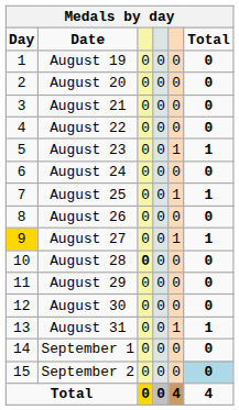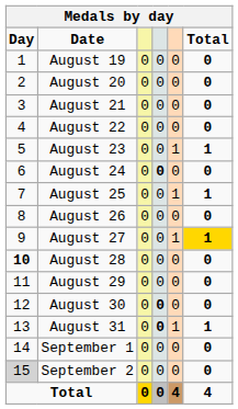 <table class=wikitable style="font-size:85%; float:right;text-align:center">
 <tr>
 <th colspan=7>Medals by day</th>
 </tr>
 <tr>
 <td><strong>Day</strong></td>
 <td><strong>Date</strong></td>
 <td bgcolor=F7F6A8></td>
 <td bgcolor=DCE5E5></td>
 <td bgcolor=FFDAB9></td>
 <td><strong>Total</strong></td>
 </tr>
 <tr>
 <td>1</td>
 <td>August 19</td>
 <td bgcolor=F7F6A8>0</td>
 <td bgcolor=DCE5E5>0</td>
 <td bgcolor=FFDAB9>0</td>
 <td><strong>0</strong></td>
 </tr>
 <tr>
 <td>2</td>
 <td>August 20</td>
 <td bgcolor=F7F6A8>0</td>
 <td bgcolor=DCE5E5>0</td>
 <td bgcolor=FFDAB9>0</td>
 <td><strong>0</strong></td>
 </tr>
 <tr>
 <td>3</td>
 <td>August 21</td>
 <td bgcolor=F7F6A8>0</td>
 <td bgcolor=DCE5E5>0</td>
 <td bgcolor=FFDAB9>0</td>
 <td><strong>0</strong></td>
 </tr>
 <tr>
 <td>4</td>
 <td>August 22</td>
 <td bgcolor=F7F6A8>0</td>
 <td bgcolor=DCE5E5>0</td>
 <td bgcolor=FFDAB9>0</td>
 <td><strong>0</strong></td>
 </tr>
 <tr>
 <td>5</td>
 <td>August 23</td>
 <td bgcolor=F7F6A8>0</td>
 <td bgcolor=DCE5E5>0</td>
 <td bgcolor=FFDAB9>1</td>
 <td><strong>1</strong></td>
 </tr>
 <tr>
 <td>6</td>
 <td>August 24</td>
 <td bgcolor=F7F6A8>0</td>
-<td bgcolor=DCE5E5>0</td>
+<td bgcolor=DCE5E5><strong>0</strong></td>
 <td bgcolor=FFDAB9>0</td>
 <td><strong>0</strong></td>
 </tr>
 <tr>
 <td>7</td>
 <td>August 25</td>
 <td bgcolor=F7F6A8>0</td>
 <td bgcolor=DCE5E5>0</td>
 <td bgcolor=FFDAB9>1</td>
 <td><strong>1</strong></td>
 </tr>
 <tr>
 <td>8</td>
 <td>August 26</td>
 <td bgcolor=F7F6A8>0</td>
 <td bgcolor=DCE5E5>0</td>
 <td bgcolor=FFDAB9>0</td>
 <td><strong>0</strong></td>
 </tr>
 <tr>
-<td style="background: gold;">9</td>
+<td>9</td>
 <td>August 27</td>
 <td bgcolor=F7F6A8>0</td>
 <td bgcolor=DCE5E5>0</td>
 <td bgcolor=FFDAB9>1</td>
-<td><strong>1</strong></td>
+<td style="background: gold;"><strong>1</strong></td>
 </tr>
 <tr>
-<td>10</td>
+<td><strong>10</strong></td>
 <td>August 28</td>
-<td bgcolor=F7F6A8><strong>0</strong></td>
+<td bgcolor=F7F6A8>0</td>
 <td bgcolor=DCE5E5>0</td>
 <td bgcolor=FFDAB9>0</td>
 <td><strong>0</strong></td>
 </tr>
 <tr>
 <td>11</td>
 <td>August 29</td>
 <td bgcolor=F7F6A8>0</td>
 <td bgcolor=DCE5E5>0</td>
 <td bgcolor=FFDAB9>0</td>
 <td><strong>0</strong></td>
 </tr>
 <tr>
 <td>12</td>
 <td>August 30</td>
 <td bgcolor=F7F6A8>0</td>
-<td bgcolor=DCE5E5>0</td>
+<td bgcolor=DCE5E5><strong>0</strong></td>
 <td bgcolor=FFDAB9>0</td>
 <td><strong>0</strong></td>
 </tr>
 <tr>
 <td>13</td>
 <td>August 31</td>
 <td bgcolor=F7F6A8>0</td>
-<td bgcolor=DCE5E5>0</td>
+<td bgcolor=DCE5E5><strong>0</strong></td>
 <td bgcolor=FFDAB9>1</td>
 <td><strong>1</strong></td>
 </tr>
 <tr>
 <td>14</td>
 <td>September 1</td>
 <td bgcolor=F7F6A8>0</td>
 <td bgcolor=DCE5E5>0</td>
 <td bgcolor=FFDAB9>0</td>
 <td><strong>0</strong></td>
 </tr>
 <tr>
-<td>15</td>
+<td style="background: lightgrey;">15</td>
 <td>September 2</td>
 <td bgcolor=F7F6A8>0</td>
 <td bgcolor=DCE5E5>0</td>
 <td bgcolor=FFDAB9>0</td>
-<td style="background: lightblue;"><strong>0</strong></td>
+<td><strong>0</strong></td>
 </tr>
 <tr>
 <td colspan=2><strong>Total</strong></td>
 <td style="background:gold;"><strong>0</strong></td>
 <td style="background:silver;"><strong>0</strong></td>
 <td style="background:#c96;"><strong>4</strong></td>
 <td><strong>4</strong></td>
 </tr>
 </table>
